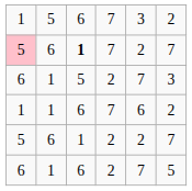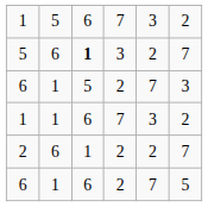 <table class="wikitable" style="margin-left:auto;margin-right:auto;text-align:center;width:12em;height:12em;table-layout:fixed;">
 <tr>
 <td>1</td>
 <td>5</td>
 <td>6</td>
 <td>7</td>
 <td>3</td>
 <td>2</td>
 </tr>
 <tr>
-<td style="background: pink;">5</td>
+<td>5</td>
 <td>6</td>
 <td><strong>1</strong></td>
-<td>7</td>
+<td>3</td>
 <td>2</td>
 <td>7</td>
 </tr>
 <tr>
 <td>6</td>
 <td>1</td>
 <td>5</td>
 <td>2</td>
 <td>7</td>
 <td>3</td>
 </tr>
 <tr>
 <td>1</td>
 <td>1</td>
 <td>6</td>
 <td>7</td>
-<td>6</td>
+<td>3</td>
 <td>2</td>
 </tr>
 <tr>
-<td>5</td>
+<td>2</td>
 <td>6</td>
 <td>1</td>
 <td>2</td>
 <td>2</td>
 <td>7</td>
 </tr>
 <tr>
 <td>6</td>
 <td>1</td>
 <td>6</td>
 <td>2</td>
 <td>7</td>
 <td>5</td>
 </tr>
 </table>
